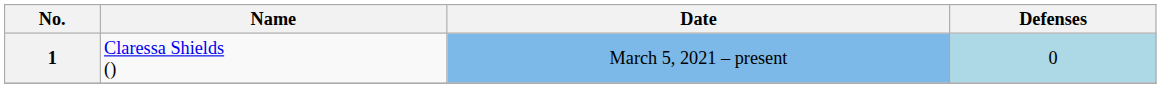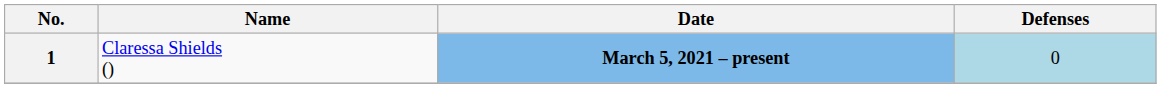 <table class="wikitable sortable" style="width:80%;">
 <tr>
 <th>No.</th>
 <th>Name</th>
 <th>Date</th>
 <th>Defenses</th>
 </tr>
 <tr align=center>
 <th>1</th>
 <td align=left> <a href='#'>Claressa Shields</a><br>()</td>
-<td style="background:#7CB9E8;">March 5, 2021 – present</td>
+<td style="background:#7CB9E8;"><strong>March 5, 2021 – present</strong></td>
 <td style="background: lightblue;">0</td>
 </tr>
 <tr>
 </tr>
 </table>
